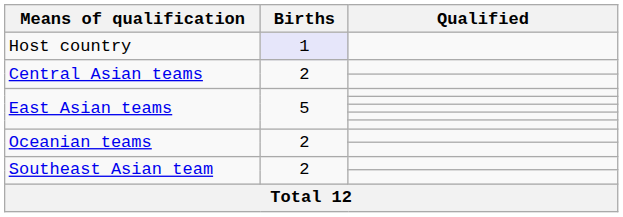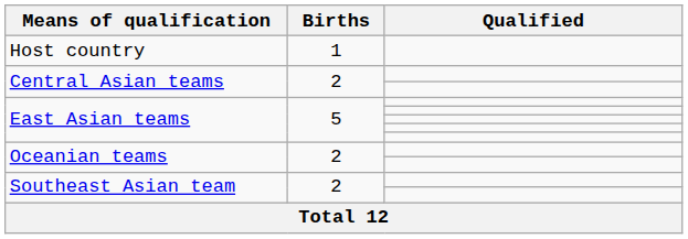 <table class="wikitable">
 <tr>
 <th style="margin:0; width:38%;">Means of qualification</th>
 <th style="margin:0; width:13%;">Births</th>
 <th style="margin:0; width:40%;">Qualified</th>
 </tr>
 <tr>
 <td>Host country</td>
-<td align=center style="background: lavender;">1</td>
+<td align=center>1</td>
 <td></td>
 </tr>
 <tr>
 <td rowspan=2><a href='#'>Central Asian teams</a></td>
 <td rowspan=2 align=center>2</td>
 <td></td>
 </tr>
 <tr>
 <td></td>
 </tr>
 <tr>
 <td rowspan=5><a href='#'>East Asian teams</a></td>
 <td rowspan=5 align=center>5</td>
 <td></td>
 </tr>
 <tr>
 <td></td>
 </tr>
 <tr>
 <td></td>
 </tr>
 <tr>
 <td></td>
 </tr>
 <tr>
 <td></td>
 </tr>
 <tr>
 <td rowspan=2><a href='#'>Oceanian teams</a></td>
 <td rowspan=2 align=center>2</td>
 <td></td>
 </tr>
 <tr>
 <td></td>
 </tr>
 <tr>
 <td rowspan=2><a href='#'>Southeast Asian team</a></td>
 <td rowspan=2 align=center>2</td>
 <td></td>
 </tr>
 <tr>
 <td></td>
 </tr>
 <tr>
 <th colspan=4>Total 12</th>
 </tr>
 </table>
